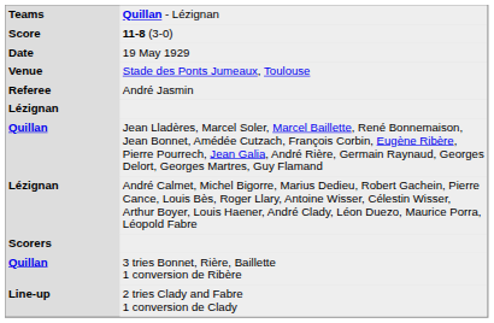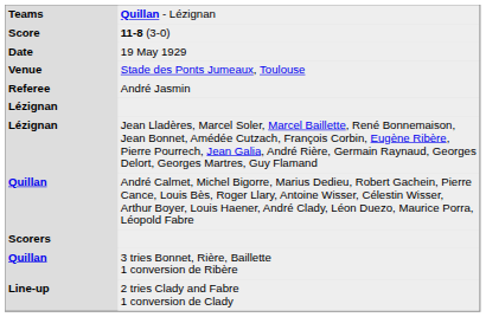 <table align="left" cellpadding="4" cellspacing="0" style="margin: 0 0 0 0; border: 1px solid #999; border-right-width: 2px; border-bottom-width: 2px; background-color: #DDDDDD">
 <tr>
 <td width="150" valign="top"><strong>Teams</strong></td>
 <td width="500" bgcolor=#EEEEEE><strong><a href='#'>Quillan</a></strong> - Lézignan</td>
 </tr>
 <tr>
 <td valign="top"><strong>Score</strong></td>
 <td bgcolor=#EEEEEE><strong>11-8</strong> (3-0)</td>
 </tr>
 <tr>
 <td valign="top"><strong>Date</strong></td>
 <td bgcolor=#EEEEEE>19 May 1929</td>
 </tr>
 <tr>
 <td valign="top"><strong>Venue</strong></td>
 <td bgcolor=#EEEEEE><a href='#'>Stade des Ponts Jumeaux</a>, <a href='#'>Toulouse</a></td>
 </tr>
 <tr>
 <td valign="top"><strong>Referee</strong></td>
 <td bgcolor=#EEEEEE>André Jasmin</td>
 </tr>
 <tr>
 <td valign="top"><strong>Lézignan</strong></td>
 <td bgcolor=#EEEEEE></td>
 </tr>
 <tr>
-<td valign="top"><strong><a href='#'>Quillan</a></strong></td>
+<td valign="top"><strong>Lézignan</strong></td>
 <td bgcolor=#EEEEEE>Jean Lladères, Marcel Soler, <a href='#'>Marcel Baillette</a>, René Bonnemaison, Jean Bonnet, Amédée Cutzach, François Corbin, <a href='#'>Eugène Ribère</a>, Pierre Pourrech, <a href='#'>Jean Galia</a>, André Rière, Germain Raynaud, Georges Delort, Georges Martres, Guy Flamand</td>
 </tr>
 <tr>
-<td valign="top"><strong>Lézignan</strong></td>
+<td valign="top"><strong><a href='#'>Quillan</a></strong></td>
 <td bgcolor=#EEEEEE>André Calmet, Michel Bigorre, Marius Dedieu, Robert Gachein, Pierre Cance, Louis Bès, Roger Llary, Antoine Wisser, Célestin Wisser, Arthur Boyer, Louis Haener, André Clady, Léon Duezo, Maurice Porra, Léopold Fabre</td>
 </tr>
 <tr>
 <td valign="top"><strong>Scorers</strong></td>
 <td bgcolor=#EEEEEE></td>
 </tr>
 <tr>
 <td valign="top"><strong><a href='#'>Quillan</a></strong></td>
 <td bgcolor=#EEEEEE>3 tries Bonnet, Rière, Baillette<br>1 conversion de Ribère</td>
 </tr>
 <tr>
 <td valign="top"><strong>Line-up</strong></td>
 <td bgcolor=#EEEEEE>2 tries Clady and Fabre<br>1 conversion de Clady</td>
 </tr>
 </table>
